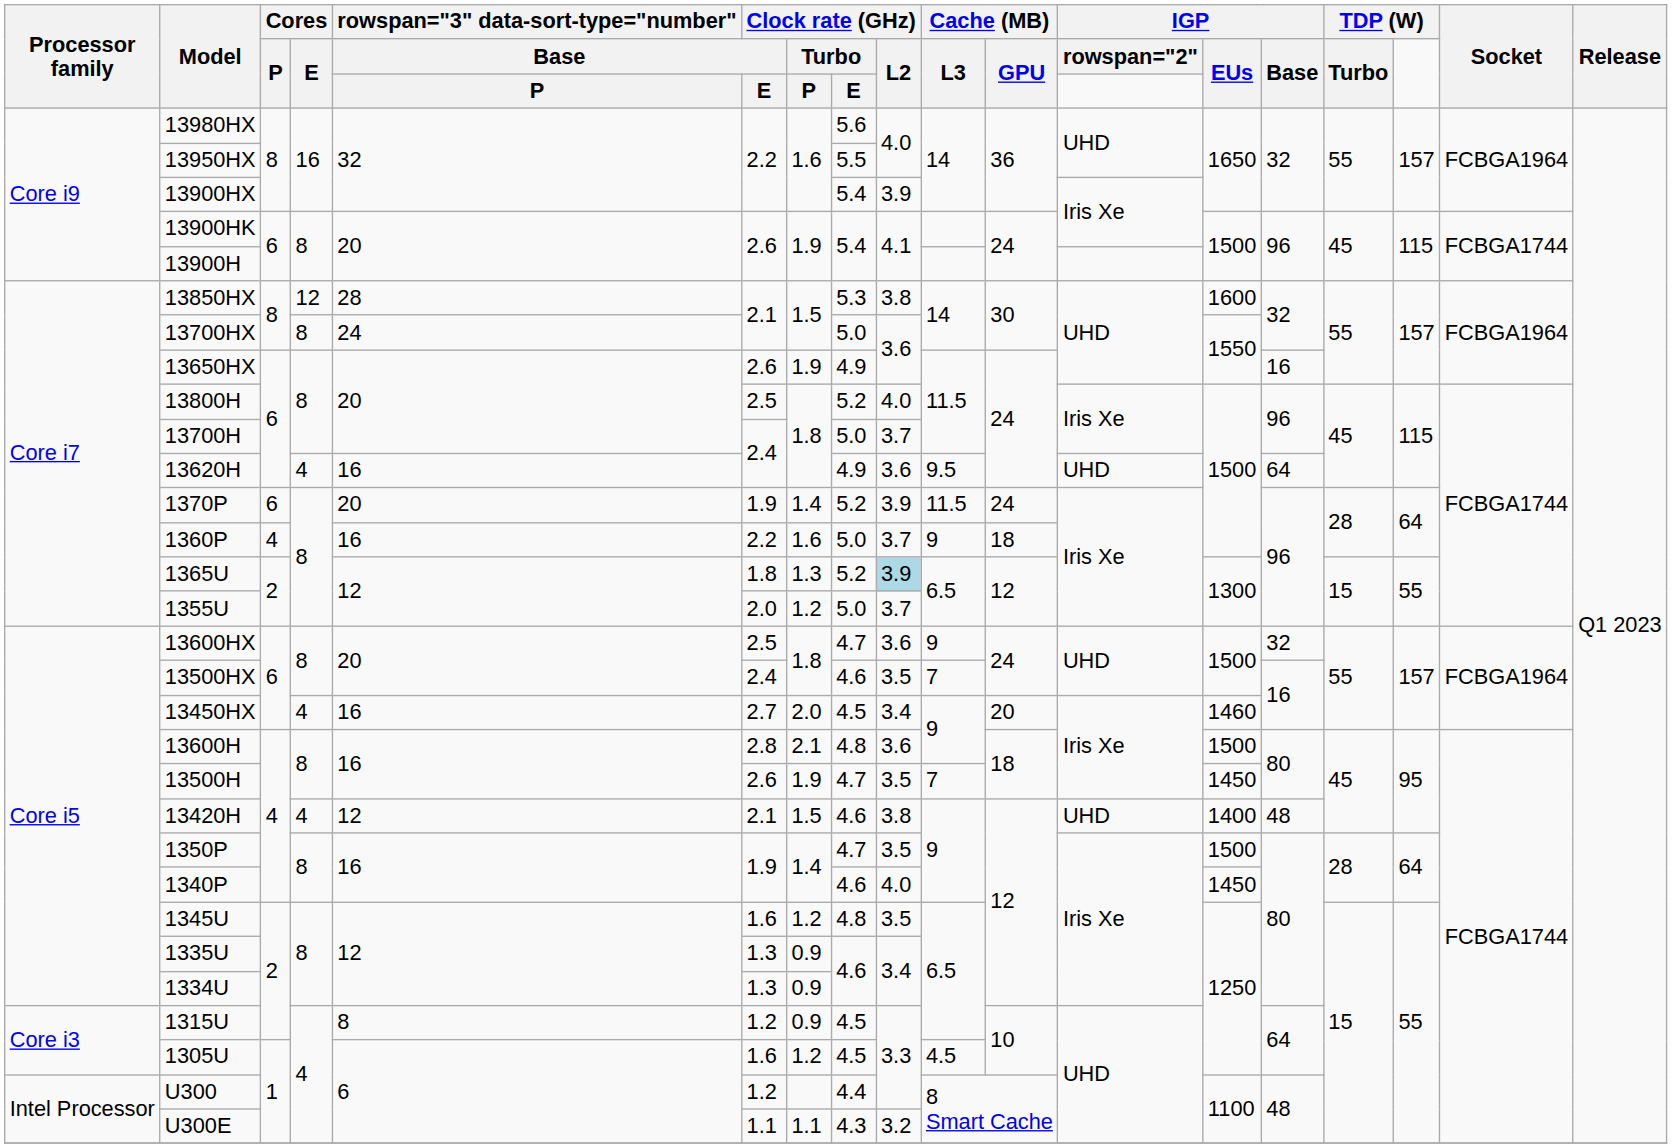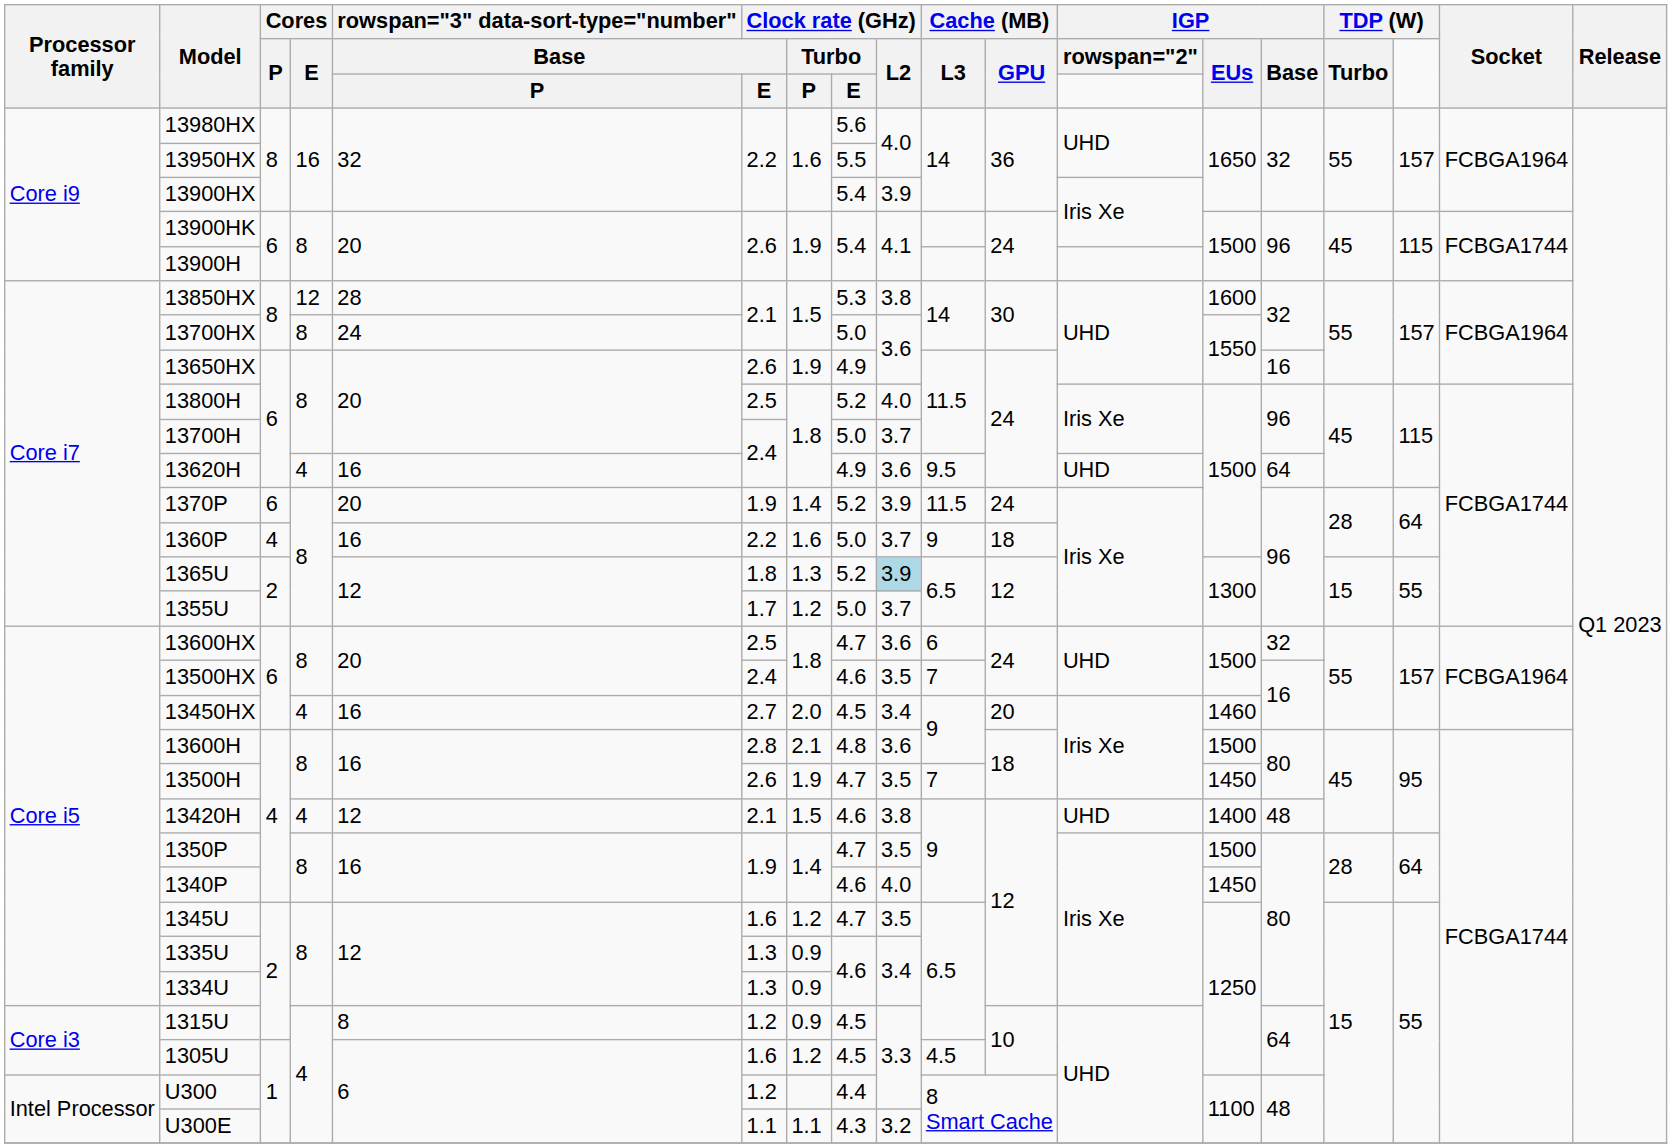 <table class="wikitable center sortable sort-under mw-collapsible">
 <tr>
 <th rowspan="3">Processor<br>family</th>
 <th rowspan="3" data-sort-type="text">Model</th>
 <th colspan="2" data-sort-type="number">Cores</th>
 <th>rowspan="3" data-sort-type="number" </th>
 <th colspan="4"><a href='#'>Clock rate</a> (GHz)</th>
 <th colspan="2"><a href='#'>Cache</a> (MB)</th>
 <th colspan="3"><a href='#'>IGP</a></th>
 <th colspan="2" data-sort-type="number"><a href='#'>TDP</a> (W)</th>
 <th rowspan="3" data-sort-type="text">Socket</th>
 <th rowspan="3" data-sort-type="date">Release</th>
 </tr>
 <tr>
 <th rowspan="2">P</th>
 <th rowspan="2">E</th>
 <th colspan="2" data-sort-type="number">Base</th>
 <th colspan="2" data-sort-type="number">Turbo</th>
 <th rowspan="2" data-sort-type="number">L2</th>
 <th rowspan="2" data-sort-type="number">L3</th>
 <th rowspan="2" data-sort-type="text"><a href='#'>GPU</a></th>
 <th>rowspan="2" </th>
 <th rowspan="2"><a href='#'>EUs</a></th>
 <th rowspan="2">Base</th>
 <th rowspan="2">Turbo</th>
 </tr>
 <tr>
 <th>P</th>
 <th>E</th>
 <th>P</th>
 <th>E</th>
 </tr>
 <tr>
 <td rowspan="5"><a href='#'>Core i9</a></td>
 <td>13980HX</td>
 <td rowspan="3">8</td>
 <td rowspan="3">16</td>
 <td rowspan="3">32</td>
 <td rowspan="3">2.2</td>
 <td rowspan="3">1.6</td>
 <td>5.6</td>
 <td rowspan="2">4.0</td>
 <td rowspan="3">14</td>
 <td rowspan="3">36</td>
 <td rowspan="2">UHD</td>
 <td rowspan="3">1650</td>
 <td rowspan="3">32</td>
 <td rowspan="3">55</td>
 <td rowspan="3">157</td>
 <td rowspan="3">FCBGA1964</td>
 <td rowspan="30">Q1 2023</td>
 </tr>
 <tr>
 <td>13950HX</td>
 <td>5.5</td>
 </tr>
 <tr>
 <td>13900HX</td>
 <td>5.4</td>
 <td>3.9</td>
 <td rowspan="2">Iris Xe</td>
 </tr>
 <tr>
 <td>13900HK</td>
 <td rowspan="2">6</td>
 <td rowspan="2">8</td>
 <td rowspan="2">20</td>
 <td rowspan="2">2.6</td>
 <td rowspan="2">1.9</td>
 <td rowspan="2">5.4</td>
 <td rowspan="2">4.1</td>
 <td></td>
 <td rowspan="2">24</td>
 <td rowspan="2">1500</td>
 <td rowspan="2">96</td>
 <td rowspan="2">45</td>
 <td rowspan="2">115</td>
 <td rowspan="2">FCBGA1744</td>
 </tr>
 <tr>
 <td>13900H</td>
 <td></td>
 <td></td>
 </tr>
 <tr>
 <td rowspan="10"><a href='#'>Core i7</a></td>
 <td>13850HX</td>
 <td rowspan="2">8</td>
 <td>12</td>
 <td>28</td>
 <td rowspan="2">2.1</td>
 <td rowspan="2">1.5</td>
 <td>5.3</td>
 <td>3.8</td>
 <td rowspan="2">14</td>
 <td rowspan="2">30</td>
 <td rowspan="3">UHD</td>
 <td>1600</td>
 <td rowspan="2">32</td>
 <td rowspan="3">55</td>
 <td rowspan="3">157</td>
 <td rowspan="3">FCBGA1964</td>
 </tr>
 <tr>
 <td>13700HX</td>
 <td>8</td>
 <td>24</td>
 <td>5.0</td>
 <td rowspan="2">3.6</td>
 <td rowspan="2">1550</td>
 </tr>
 <tr>
 <td>13650HX</td>
 <td rowspan="4">6</td>
 <td rowspan="3">8</td>
 <td rowspan="3">20</td>
 <td>2.6</td>
 <td>1.9</td>
 <td>4.9</td>
 <td rowspan="3">11.5</td>
 <td rowspan="4">24</td>
 <td>16</td>
 </tr>
 <tr>
 <td>13800H</td>
 <td>2.5</td>
 <td rowspan="3">1.8</td>
 <td>5.2</td>
 <td>4.0</td>
 <td rowspan="2">Iris Xe</td>
 <td rowspan="5">1500</td>
 <td rowspan="2">96</td>
 <td rowspan="3">45</td>
 <td rowspan="3">115</td>
 <td rowspan="7">FCBGA1744</td>
 </tr>
 <tr>
 <td>13700H</td>
 <td rowspan="2">2.4</td>
 <td>5.0</td>
 <td>3.7</td>
 </tr>
 <tr>
 <td>13620H</td>
 <td>4</td>
 <td>16</td>
 <td>4.9</td>
 <td>3.6</td>
 <td>9.5</td>
 <td>UHD</td>
 <td>64</td>
 </tr>
 <tr>
 <td>1370P</td>
 <td>6</td>
 <td rowspan="4">8</td>
 <td>20</td>
 <td>1.9</td>
 <td>1.4</td>
 <td>5.2</td>
 <td>3.9</td>
 <td>11.5</td>
 <td>24</td>
 <td rowspan="4">Iris Xe</td>
 <td rowspan="4">96</td>
 <td rowspan="2">28</td>
 <td rowspan="2">64</td>
 </tr>
 <tr>
 <td>1360P</td>
 <td>4</td>
 <td>16</td>
 <td>2.2</td>
 <td>1.6</td>
 <td>5.0</td>
 <td>3.7</td>
 <td>9</td>
 <td>18</td>
 </tr>
 <tr>
 <td>1365U</td>
 <td rowspan="2">2</td>
 <td rowspan="2">12</td>
 <td>1.8</td>
 <td>1.3</td>
 <td>5.2</td>
 <td style="background: lightblue;">3.9</td>
 <td rowspan="2">6.5</td>
 <td rowspan="2">12</td>
 <td rowspan="2">1300</td>
 <td rowspan="2">15</td>
 <td rowspan="2">55</td>
 </tr>
 <tr>
 <td>1355U</td>
-<td>2.0</td>
+<td>1.7</td>
 <td>1.2</td>
 <td>5.0</td>
 <td>3.7</td>
 </tr>
 <tr>
 <td rowspan="11"><a href='#'>Core i5</a></td>
 <td>13600HX</td>
 <td rowspan="3">6</td>
 <td rowspan="2">8</td>
 <td rowspan="2">20</td>
 <td>2.5</td>
 <td rowspan="2">1.8</td>
 <td>4.7</td>
 <td>3.6</td>
-<td>9</td>
+<td>6</td>
 <td rowspan="2">24</td>
 <td rowspan="2">UHD</td>
 <td rowspan="2">1500</td>
 <td>32</td>
 <td rowspan="3">55</td>
 <td rowspan="3">157</td>
 <td rowspan="3">FCBGA1964</td>
 </tr>
 <tr>
 <td>13500HX</td>
 <td>2.4</td>
 <td>4.6</td>
 <td>3.5</td>
 <td>7</td>
 <td rowspan="2">16</td>
 </tr>
 <tr>
 <td>13450HX</td>
 <td>4</td>
 <td>16</td>
 <td>2.7</td>
 <td>2.0</td>
 <td>4.5</td>
 <td>3.4</td>
 <td rowspan="2">9</td>
 <td>20</td>
 <td rowspan="3">Iris Xe</td>
 <td>1460</td>
 </tr>
 <tr>
 <td>13600H</td>
 <td rowspan="5">4</td>
 <td rowspan="2">8</td>
 <td rowspan="2">16</td>
 <td>2.8</td>
 <td>2.1</td>
 <td>4.8</td>
 <td>3.6</td>
 <td rowspan="2">18</td>
 <td>1500</td>
 <td rowspan="2">80</td>
 <td rowspan="3">45</td>
 <td rowspan="3">95</td>
 <td rowspan="12">FCBGA1744</td>
 </tr>
 <tr>
 <td>13500H</td>
 <td>2.6</td>
 <td>1.9</td>
 <td>4.7</td>
 <td>3.5</td>
 <td>7</td>
 <td>1450</td>
 </tr>
 <tr>
 <td>13420H</td>
 <td>4</td>
 <td>12</td>
 <td>2.1</td>
 <td>1.5</td>
 <td>4.6</td>
 <td>3.8</td>
 <td rowspan="3">9</td>
 <td rowspan="6">12</td>
 <td>UHD</td>
 <td>1400</td>
 <td>48</td>
 </tr>
 <tr>
 <td>1350P</td>
 <td rowspan="2">8</td>
 <td rowspan="2">16</td>
 <td rowspan="2">1.9</td>
 <td rowspan="2">1.4</td>
 <td>4.7</td>
 <td>3.5</td>
 <td rowspan="5">Iris Xe</td>
 <td>1500</td>
 <td rowspan="5">80</td>
 <td rowspan="2">28</td>
 <td rowspan="2">64</td>
 </tr>
 <tr>
 <td>1340P</td>
 <td>4.6</td>
 <td>4.0</td>
 <td>1450</td>
 </tr>
 <tr>
 <td>1345U</td>
 <td rowspan="4">2</td>
 <td rowspan="3">8</td>
 <td rowspan="3">12</td>
 <td>1.6</td>
 <td>1.2</td>
-<td>4.8</td>
+<td>4.7</td>
 <td>3.5</td>
 <td rowspan="4">6.5</td>
 <td rowspan="5">1250</td>
 <td rowspan="7">15</td>
 <td rowspan="7">55</td>
 </tr>
 <tr>
 <td>1335U</td>
 <td>1.3</td>
 <td>0.9</td>
 <td rowspan="2">4.6</td>
 <td rowspan="2">3.4</td>
 </tr>
 <tr>
 <td>1334U</td>
 <td>1.3</td>
 <td>0.9</td>
 </tr>
 <tr>
 <td rowspan="2"><a href='#'>Core i3</a></td>
 <td>1315U</td>
 <td rowspan="4">4</td>
 <td>8</td>
 <td>1.2</td>
 <td>0.9</td>
 <td>4.5</td>
 <td rowspan="3">3.3</td>
 <td rowspan="2">10</td>
 <td rowspan="4">UHD</td>
 <td rowspan="2">64</td>
 </tr>
 <tr>
 <td>1305U</td>
 <td rowspan="3">1</td>
 <td rowspan="3">6</td>
 <td>1.6</td>
 <td>1.2</td>
 <td>4.5</td>
 <td>4.5</td>
 </tr>
 <tr>
 <td rowspan="2">Intel Processor</td>
 <td>U300</td>
 <td>1.2</td>
 <td></td>
 <td>4.4</td>
 <td rowspan="2" colspan="2">8<br><a href='#'>Smart Cache</a></td>
 <td rowspan="2">1100</td>
 <td rowspan="2">48</td>
 </tr>
 <tr>
 <td>U300E</td>
 <td>1.1</td>
 <td>1.1</td>
 <td>4.3</td>
 <td>3.2</td>
 </tr>
 <tr>
 </tr>
 </table>
